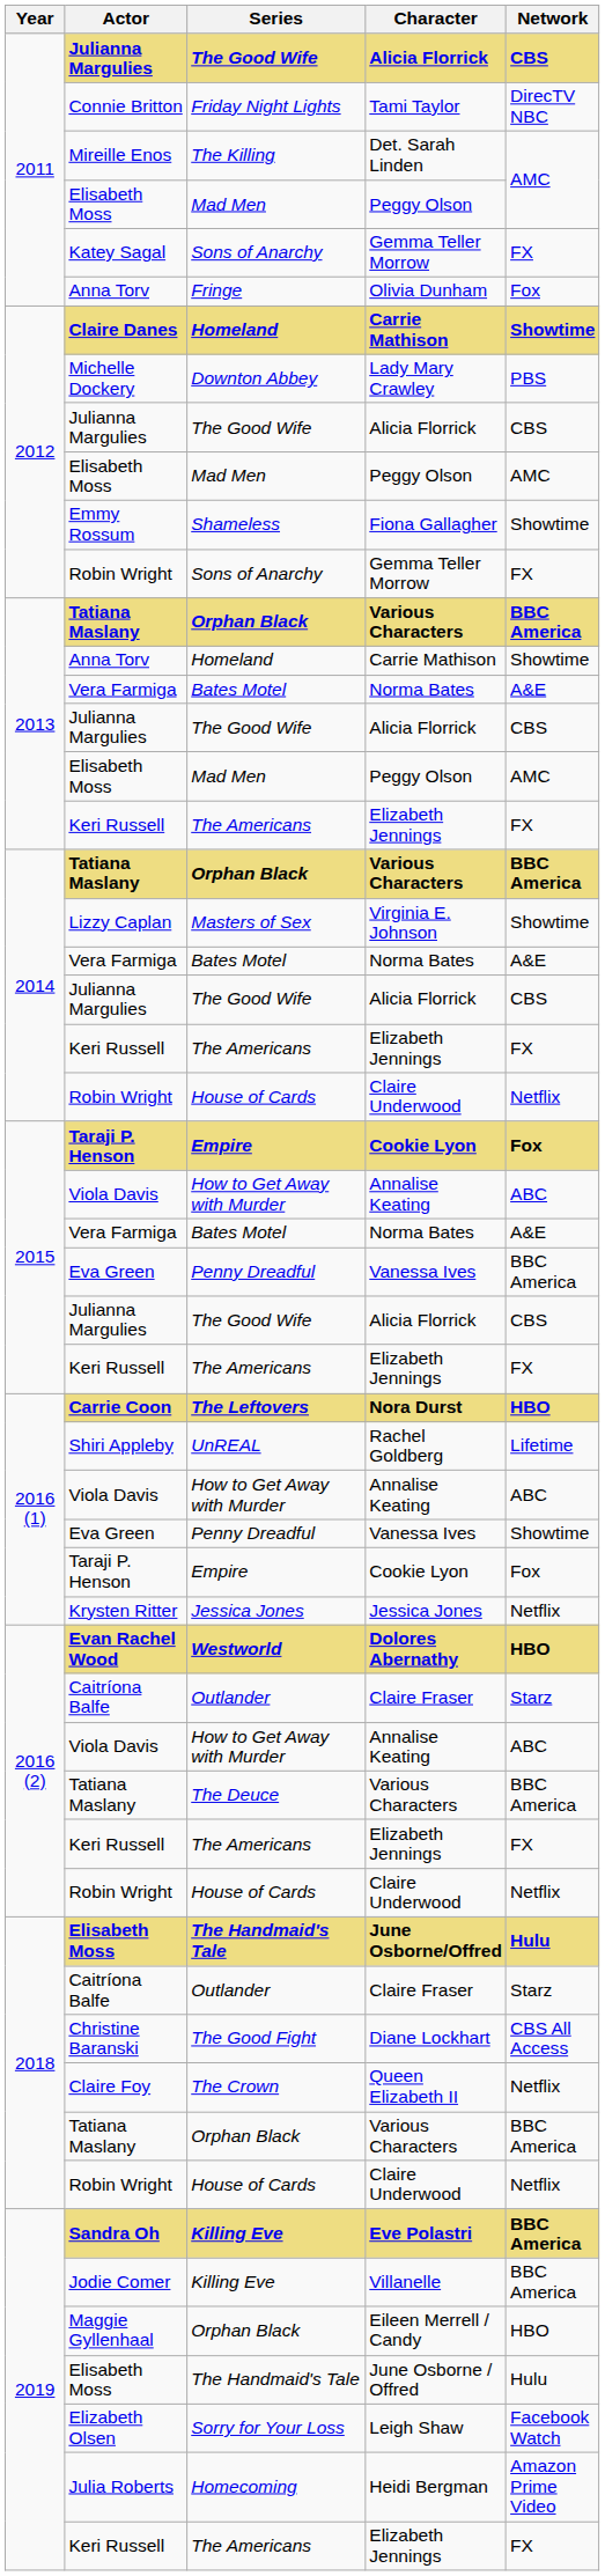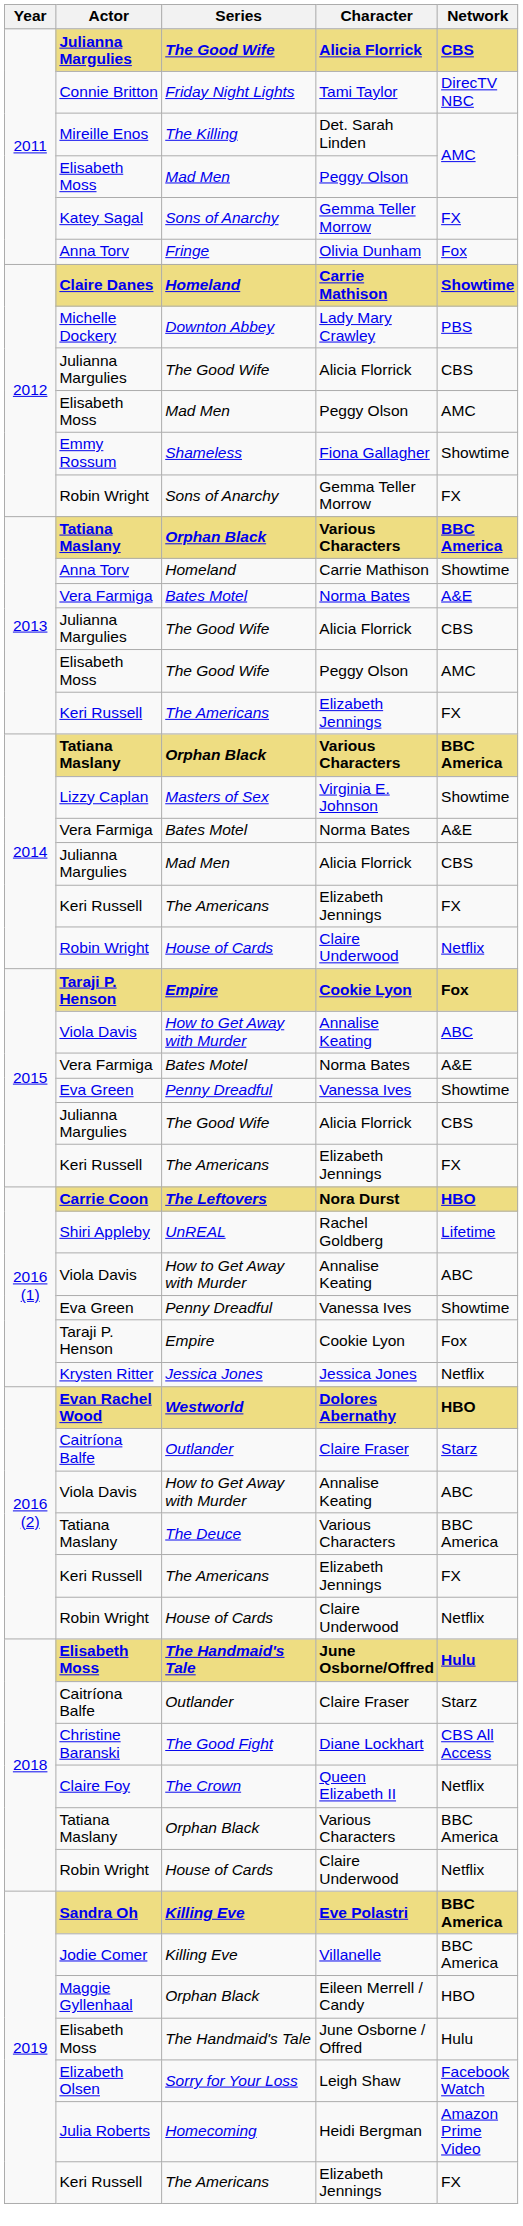 <table class="wikitable" style="width:85%">
 <tr style="background:#bebebe;">
 <th style="width:10%;">Year</th>
 <th style="wodth:25%;">Actor</th>
 <th style="width:30%;">Series</th>
 <th style="width:20%;">Character</th>
 <th style="width:15%;">Network</th>
 </tr>
 <tr>
 <td rowspan="6" style="text-align:center;"><a href='#'>2011</a><br></td>
 <td style="background:#EEDD82;"><strong><a href='#'>Julianna Margulies</a></strong></td>
 <td style="background:#EEDD82;"><strong><em><a href='#'>The Good Wife</a></em></strong></td>
 <td style="background:#EEDD82;"><strong><a href='#'>Alicia Florrick</a></strong></td>
 <td style="background:#EEDD82;"><strong><a href='#'>CBS</a></strong></td>
 </tr>
 <tr>
 <td><a href='#'>Connie Britton</a></td>
 <td><em><a href='#'>Friday Night Lights</a></em></td>
 <td><a href='#'>Tami Taylor</a></td>
 <td><a href='#'>DirecTV</a><br><a href='#'>NBC</a></td>
 </tr>
 <tr>
 <td><a href='#'>Mireille Enos</a></td>
 <td><em><a href='#'>The Killing</a></em></td>
 <td>Det. Sarah Linden</td>
 <td rowspan="2"><a href='#'>AMC</a></td>
 </tr>
 <tr>
 <td><a href='#'>Elisabeth Moss</a></td>
 <td><em><a href='#'>Mad Men</a></em></td>
 <td><a href='#'>Peggy Olson</a></td>
 </tr>
 <tr>
 <td><a href='#'>Katey Sagal</a></td>
 <td><em><a href='#'>Sons of Anarchy</a></em></td>
 <td><a href='#'>Gemma Teller Morrow</a></td>
 <td><a href='#'>FX</a></td>
 </tr>
 <tr>
 <td><a href='#'>Anna Torv</a></td>
 <td><em><a href='#'>Fringe</a></em></td>
 <td><a href='#'>Olivia Dunham</a></td>
 <td><a href='#'>Fox</a></td>
 </tr>
 <tr>
 <td rowspan="6" style="text-align:center;"><a href='#'>2012</a><br></td>
 <td style="background:#EEDD82;"><strong><a href='#'>Claire Danes</a></strong></td>
 <td style="background:#EEDD82;"><strong><em><a href='#'>Homeland</a></em></strong></td>
 <td style="background:#EEDD82;"><strong><a href='#'>Carrie Mathison</a></strong></td>
 <td style="background:#EEDD82;"><strong><a href='#'>Showtime</a></strong></td>
 </tr>
 <tr>
 <td><a href='#'>Michelle Dockery</a></td>
 <td><em><a href='#'>Downton Abbey</a></em></td>
 <td><a href='#'>Lady Mary Crawley</a></td>
 <td><a href='#'>PBS</a></td>
 </tr>
 <tr>
 <td>Julianna Margulies</td>
 <td><em>The Good Wife</em></td>
 <td>Alicia Florrick</td>
 <td>CBS</td>
 </tr>
 <tr>
 <td>Elisabeth Moss</td>
 <td><em>Mad Men</em></td>
 <td>Peggy Olson</td>
 <td>AMC</td>
 </tr>
 <tr>
 <td><a href='#'>Emmy Rossum</a></td>
 <td><em><a href='#'>Shameless</a></em></td>
 <td><a href='#'>Fiona Gallagher</a></td>
 <td>Showtime</td>
 </tr>
 <tr>
 <td>Robin Wright</td>
 <td><em>Sons of Anarchy</em></td>
 <td>Gemma Teller Morrow</td>
 <td>FX</td>
 </tr>
 <tr>
 <td rowspan="6" style="text-align:center;"><a href='#'>2013</a><br></td>
 <td style="background:#EEDD82;"><strong><a href='#'>Tatiana Maslany</a></strong></td>
 <td style="background:#EEDD82;"><strong><em><a href='#'>Orphan Black</a></em></strong></td>
 <td style="background:#EEDD82;"><strong>Various Characters</strong></td>
 <td style="background:#EEDD82;"><strong><a href='#'>BBC America</a></strong></td>
 </tr>
 <tr>
 <td><a href='#'>Anna Torv</a></td>
 <td><em>Homeland</em></td>
 <td>Carrie Mathison</td>
 <td>Showtime</td>
 </tr>
 <tr>
 <td><a href='#'>Vera Farmiga</a></td>
 <td><em><a href='#'>Bates Motel</a></em></td>
 <td><a href='#'>Norma Bates</a></td>
 <td><a href='#'>A&E</a></td>
 </tr>
 <tr>
 <td>Julianna Margulies</td>
 <td><em>The Good Wife</em></td>
 <td>Alicia Florrick</td>
 <td>CBS</td>
 </tr>
 <tr>
 <td>Elisabeth Moss</td>
-<td><em>Mad Men</em></td>
+<td><em>The Good Wife</em></td>
 <td>Peggy Olson</td>
 <td>AMC</td>
 </tr>
 <tr>
 <td><a href='#'>Keri Russell</a></td>
 <td><em><a href='#'>The Americans</a></em></td>
 <td><a href='#'>Elizabeth Jennings</a></td>
 <td>FX</td>
 </tr>
 <tr>
 <td rowspan="6" style="text-align:center;"><a href='#'>2014</a><br></td>
 <td style="background:#EEDD82;"><strong>Tatiana Maslany</strong></td>
 <td style="background:#EEDD82;"><strong><em>Orphan Black</em></strong></td>
 <td style="background:#EEDD82;"><strong>Various Characters</strong></td>
 <td style="background:#EEDD82;"><strong>BBC America</strong></td>
 </tr>
 <tr>
 <td><a href='#'>Lizzy Caplan</a></td>
 <td><em><a href='#'>Masters of Sex</a></em></td>
 <td><a href='#'>Virginia E. Johnson</a></td>
 <td>Showtime</td>
 </tr>
 <tr>
 <td>Vera Farmiga</td>
 <td><em>Bates Motel</em></td>
 <td>Norma Bates</td>
 <td>A&E</td>
 </tr>
 <tr>
 <td>Julianna Margulies</td>
-<td><em>The Good Wife</em></td>
+<td><em>Mad Men</em></td>
 <td>Alicia Florrick</td>
 <td>CBS</td>
 </tr>
 <tr>
 <td>Keri Russell</td>
 <td><em>The Americans</em></td>
 <td>Elizabeth Jennings</td>
 <td>FX</td>
 </tr>
 <tr>
 <td><a href='#'>Robin Wright</a></td>
 <td><em><a href='#'>House of Cards</a></em></td>
 <td><a href='#'>Claire Underwood</a></td>
 <td><a href='#'>Netflix</a></td>
 </tr>
 <tr>
 <td rowspan="6" style="text-align:center;"><a href='#'>2015</a><br></td>
 <td style="background:#EEDD82;"><strong><a href='#'>Taraji P. Henson</a></strong></td>
 <td style="background:#EEDD82;"><strong><em><a href='#'>Empire</a></em></strong></td>
 <td style="background:#EEDD82;"><strong><a href='#'>Cookie Lyon</a></strong></td>
 <td style="background:#EEDD82;"><strong>Fox</strong></td>
 </tr>
 <tr>
 <td><a href='#'>Viola Davis</a></td>
 <td><em><a href='#'>How to Get Away with Murder</a></em></td>
 <td><a href='#'>Annalise Keating</a></td>
 <td><a href='#'>ABC</a></td>
 </tr>
 <tr>
 <td>Vera Farmiga</td>
 <td><em>Bates Motel</em></td>
 <td>Norma Bates</td>
 <td>A&E</td>
 </tr>
 <tr>
 <td><a href='#'>Eva Green</a></td>
 <td><em><a href='#'>Penny Dreadful</a></em></td>
 <td><a href='#'>Vanessa Ives</a></td>
-<td>BBC America</td>
+<td>Showtime</td>
 </tr>
 <tr>
 <td>Julianna Margulies</td>
 <td><em>The Good Wife</em></td>
 <td>Alicia Florrick</td>
 <td>CBS</td>
 </tr>
 <tr>
 <td>Keri Russell</td>
 <td><em>The Americans</em></td>
 <td>Elizabeth Jennings</td>
 <td>FX</td>
 </tr>
 <tr>
 <td rowspan="6" style="text-align:center;"><a href='#'>2016 (1)</a><br></td>
 <td style="background:#EEDD82;"><strong><a href='#'>Carrie Coon</a></strong></td>
 <td style="background:#EEDD82;"><strong><em><a href='#'>The Leftovers</a></em></strong></td>
 <td style="background:#EEDD82;"><strong>Nora Durst</strong></td>
 <td style="background:#EEDD82;"><strong><a href='#'>HBO</a></strong></td>
 </tr>
 <tr>
 <td><a href='#'>Shiri Appleby</a></td>
 <td><em><a href='#'>UnREAL</a></em></td>
 <td>Rachel Goldberg</td>
 <td><a href='#'>Lifetime</a></td>
 </tr>
 <tr>
 <td>Viola Davis</td>
 <td><em>How to Get Away with Murder</em></td>
 <td>Annalise Keating</td>
 <td>ABC</td>
 </tr>
 <tr>
 <td>Eva Green</td>
 <td><em>Penny Dreadful</em></td>
 <td>Vanessa Ives</td>
 <td>Showtime</td>
 </tr>
 <tr>
 <td>Taraji P. Henson</td>
 <td><em>Empire</em></td>
 <td>Cookie Lyon</td>
 <td>Fox</td>
 </tr>
 <tr>
 <td><a href='#'>Krysten Ritter</a></td>
 <td><em><a href='#'>Jessica Jones</a></em></td>
 <td><a href='#'>Jessica Jones</a></td>
 <td>Netflix</td>
 </tr>
 <tr>
 <td rowspan="6" style="text-align:center;"><a href='#'>2016 (2)</a><br></td>
 <td style="background:#EEDD82;"><strong><a href='#'>Evan Rachel Wood</a></strong></td>
 <td style="background:#EEDD82;"><strong><em><a href='#'>Westworld</a></em></strong></td>
 <td style="background:#EEDD82;"><strong><a href='#'>Dolores Abernathy</a></strong></td>
 <td style="background:#EEDD82;"><strong>HBO</strong></td>
 </tr>
 <tr>
 <td><a href='#'>Caitríona Balfe</a></td>
 <td><em><a href='#'>Outlander</a></em></td>
 <td><a href='#'>Claire Fraser</a></td>
 <td><a href='#'>Starz</a></td>
 </tr>
 <tr>
 <td>Viola Davis</td>
 <td><em>How to Get Away with Murder</em></td>
 <td>Annalise Keating</td>
 <td>ABC</td>
 </tr>
 <tr>
 <td>Tatiana Maslany</td>
 <td><em><a href='#'>The Deuce</a></em></td>
 <td>Various Characters</td>
 <td>BBC America</td>
 </tr>
 <tr>
 <td>Keri Russell</td>
 <td><em>The Americans</em></td>
 <td>Elizabeth Jennings</td>
 <td>FX</td>
 </tr>
 <tr>
 <td>Robin Wright</td>
 <td><em>House of Cards</em></td>
 <td>Claire Underwood</td>
 <td>Netflix</td>
 </tr>
 <tr>
 <td rowspan="6" style="text-align:center;"><a href='#'>2018</a><br></td>
 <td style="background:#EEDD82;"><strong><a href='#'>Elisabeth Moss</a></strong></td>
 <td style="background:#EEDD82;"><strong><em><a href='#'>The Handmaid's Tale</a></em></strong></td>
 <td style="background:#EEDD82;"><strong>June Osborne/Offred</strong></td>
 <td style="background:#EEDD82;"><strong><a href='#'>Hulu</a></strong></td>
 </tr>
 <tr>
 <td>Caitríona Balfe</td>
 <td><em>Outlander</em></td>
 <td>Claire Fraser</td>
 <td>Starz</td>
 </tr>
 <tr>
 <td><a href='#'>Christine Baranski</a></td>
 <td><em><a href='#'>The Good Fight</a></em></td>
 <td><a href='#'>Diane Lockhart</a></td>
 <td><a href='#'>CBS All Access</a></td>
 </tr>
 <tr>
 <td><a href='#'>Claire Foy</a></td>
 <td><em><a href='#'>The Crown</a></em></td>
 <td><a href='#'>Queen Elizabeth II</a></td>
 <td>Netflix</td>
 </tr>
 <tr>
 <td>Tatiana Maslany</td>
 <td><em>Orphan Black</em></td>
 <td>Various Characters</td>
 <td>BBC America</td>
 </tr>
 <tr>
 <td>Robin Wright</td>
 <td><em>House of Cards</em></td>
 <td>Claire Underwood</td>
 <td>Netflix</td>
 </tr>
 <tr>
 <td rowspan="7" style="text-align:center;"><a href='#'>2019</a><br></td>
 <td style="background:#EEDD82;"><strong><a href='#'>Sandra Oh</a></strong></td>
 <td style="background:#EEDD82;"><strong><em><a href='#'>Killing Eve</a></em></strong></td>
 <td style="background:#EEDD82;"><strong><a href='#'>Eve Polastri</a></strong></td>
 <td style="background:#EEDD82;"><strong>BBC America</strong></td>
 </tr>
 <tr>
 <td><a href='#'>Jodie Comer</a></td>
 <td><em>Killing Eve</em></td>
 <td><a href='#'>Villanelle</a></td>
 <td>BBC America</td>
 </tr>
 <tr>
 <td><a href='#'>Maggie Gyllenhaal</a></td>
 <td><em>Orphan Black</em></td>
 <td>Eileen Merrell / Candy</td>
 <td>HBO</td>
 </tr>
 <tr>
 <td>Elisabeth Moss</td>
 <td><em>The Handmaid's Tale</em></td>
 <td>June Osborne / Offred</td>
 <td>Hulu</td>
 </tr>
 <tr>
 <td><a href='#'>Elizabeth Olsen</a></td>
 <td><em><a href='#'>Sorry for Your Loss</a></em></td>
 <td>Leigh Shaw</td>
 <td><a href='#'>Facebook Watch</a></td>
 </tr>
 <tr>
 <td><a href='#'>Julia Roberts</a></td>
 <td><em><a href='#'>Homecoming</a></em></td>
 <td>Heidi Bergman</td>
 <td><a href='#'>Amazon Prime Video</a></td>
 </tr>
 <tr>
 <td>Keri Russell</td>
 <td><em>The Americans</em></td>
 <td>Elizabeth Jennings</td>
 <td>FX</td>
 </tr>
 </table>
